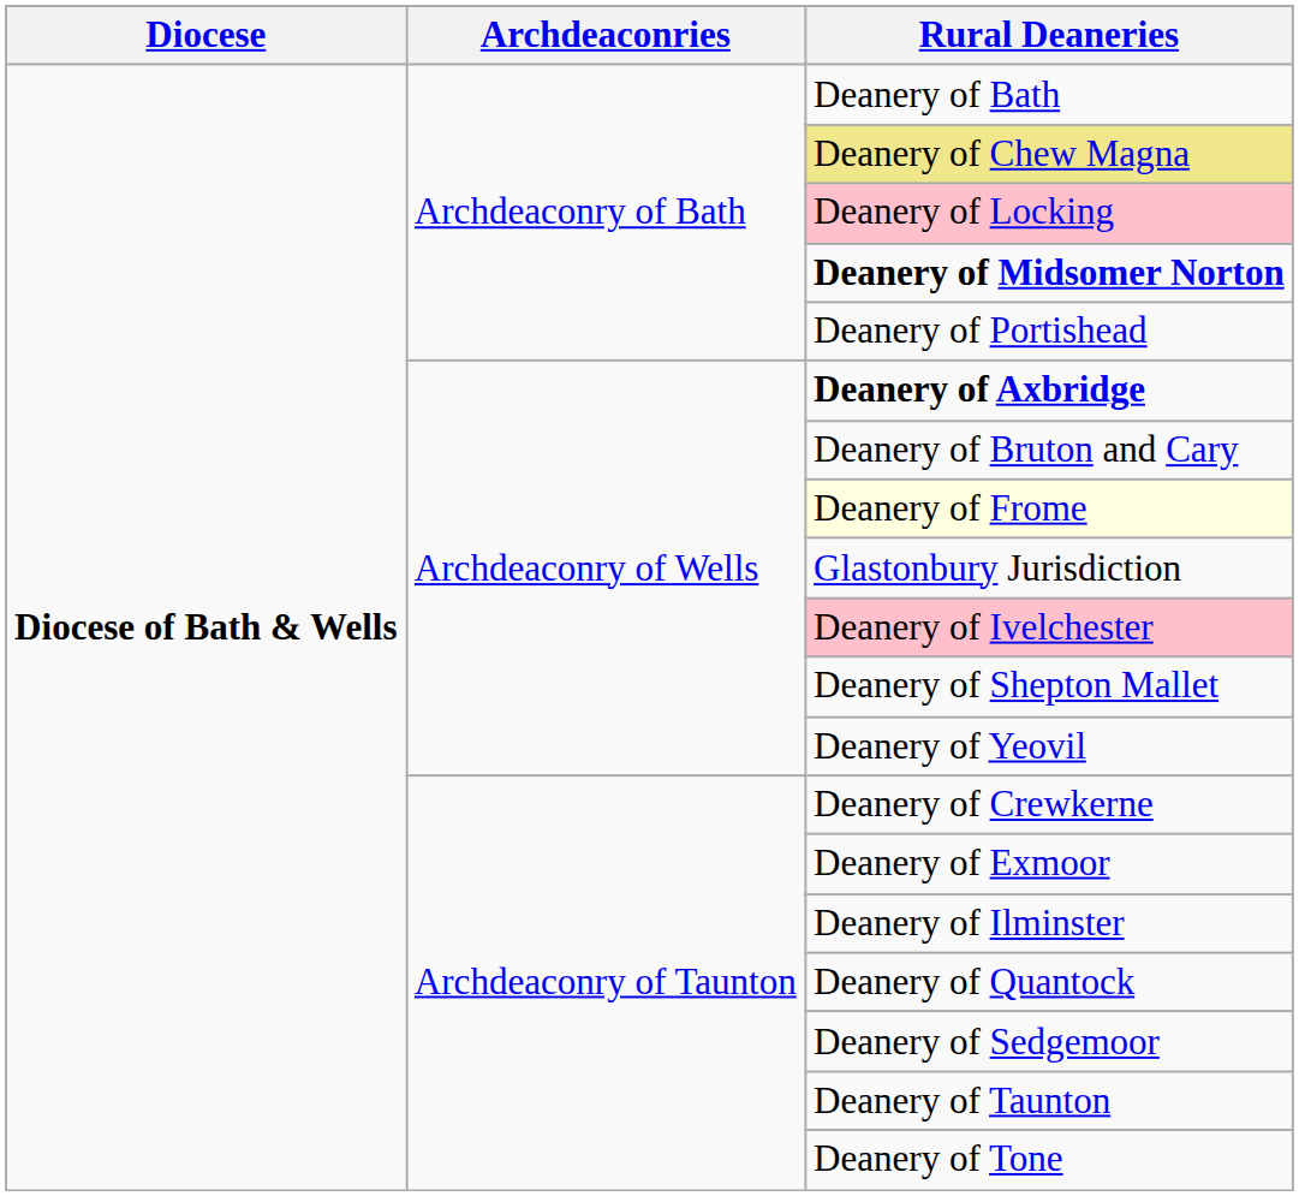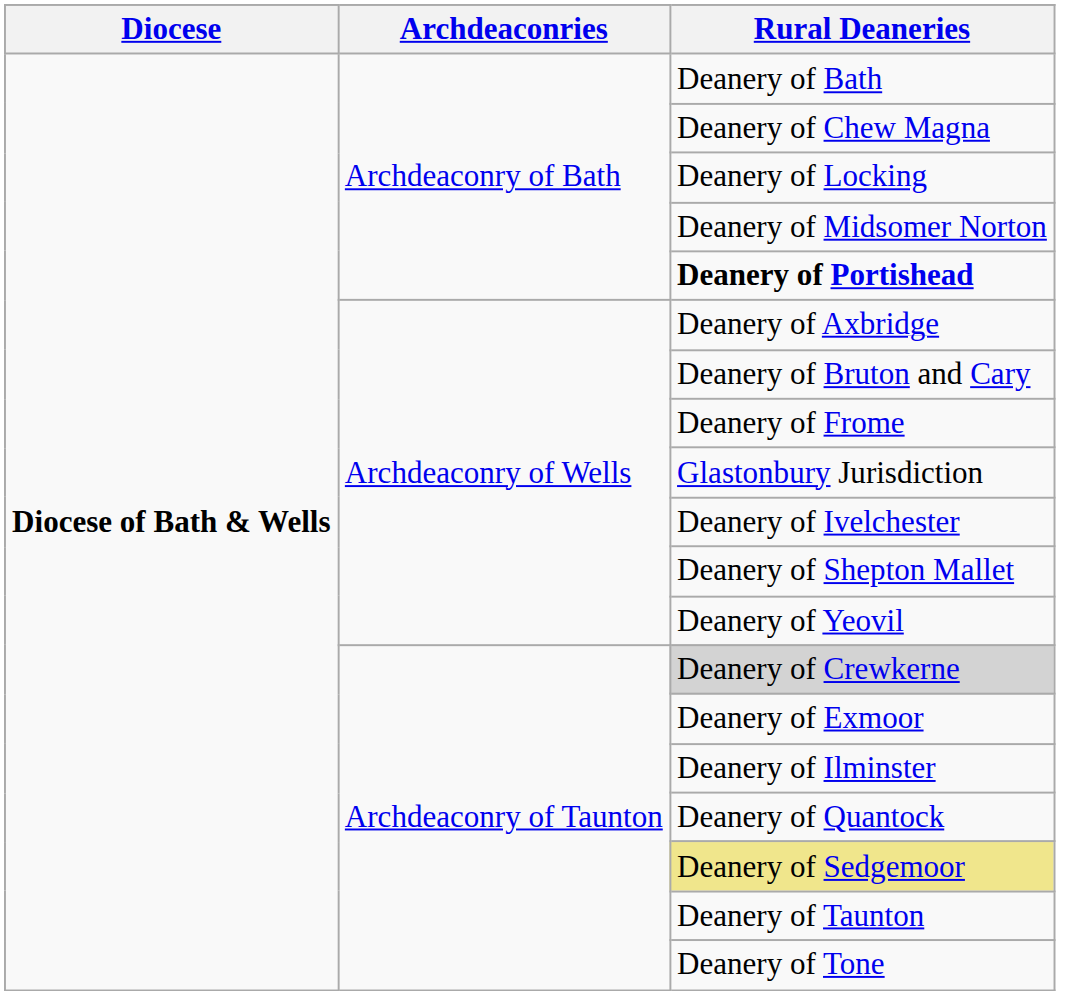 <table class="wikitable sortable">
 <tr>
 <th><a href='#'>Diocese</a></th>
 <th><a href='#'>Archdeaconries</a></th>
 <th><a href='#'>Rural Deaneries</a></th>
 </tr>
 <tr>
 <td rowspan="19"><strong>Diocese of Bath & Wells</strong></td>
 <td rowspan="5"><a href='#'>Archdeaconry of Bath</a></td>
 <td>Deanery of <a href='#'>Bath</a></td>
 </tr>
 <tr>
-<td style="background: khaki;">Deanery of <a href='#'>Chew Magna</a></td>
+<td>Deanery of <a href='#'>Chew Magna</a></td>
 </tr>
 <tr>
-<td style="background: pink;">Deanery of <a href='#'>Locking</a></td>
+<td>Deanery of <a href='#'>Locking</a></td>
 </tr>
 <tr>
-<td><strong>Deanery of <a href='#'>Midsomer Norton</a></strong></td>
+<td>Deanery of <a href='#'>Midsomer Norton</a></td>
 </tr>
 <tr>
-<td>Deanery of <a href='#'>Portishead</a></td>
+<td><strong>Deanery of <a href='#'>Portishead</a></strong></td>
 </tr>
 <tr>
 <td rowspan="7"><a href='#'>Archdeaconry of Wells</a></td>
-<td><strong>Deanery of <a href='#'>Axbridge</a></strong></td>
+<td>Deanery of <a href='#'>Axbridge</a></td>
 </tr>
 <tr>
 <td>Deanery of <a href='#'>Bruton</a> and <a href='#'>Cary</a></td>
 </tr>
 <tr>
-<td style="background: lightyellow;">Deanery of <a href='#'>Frome</a></td>
+<td>Deanery of <a href='#'>Frome</a></td>
 </tr>
 <tr>
 <td><a href='#'>Glastonbury</a> Jurisdiction</td>
 </tr>
 <tr>
-<td style="background: pink;">Deanery of <a href='#'>Ivelchester</a></td>
+<td>Deanery of <a href='#'>Ivelchester</a></td>
 </tr>
 <tr>
 <td>Deanery of <a href='#'>Shepton Mallet</a></td>
 </tr>
 <tr>
 <td>Deanery of <a href='#'>Yeovil</a></td>
 </tr>
 <tr>
 <td rowspan="7"><a href='#'>Archdeaconry of Taunton</a></td>
-<td>Deanery of <a href='#'>Crewkerne</a></td>
+<td style="background: lightgrey;">Deanery of <a href='#'>Crewkerne</a></td>
 </tr>
 <tr>
 <td>Deanery of <a href='#'>Exmoor</a></td>
 </tr>
 <tr>
 <td>Deanery of <a href='#'>Ilminster</a></td>
 </tr>
 <tr>
 <td>Deanery of <a href='#'>Quantock</a></td>
 </tr>
 <tr>
-<td>Deanery of <a href='#'>Sedgemoor</a></td>
+<td style="background: khaki;">Deanery of <a href='#'>Sedgemoor</a></td>
 </tr>
 <tr>
 <td>Deanery of <a href='#'>Taunton</a></td>
 </tr>
 <tr>
 <td>Deanery of <a href='#'>Tone</a></td>
 </tr>
 </table>
